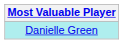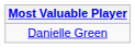 <table class=wikitable style="text-align:center; margin:auto">
 <tr>
 <th><a href='#'>Most Valuable Player</a></th>
 </tr>
 <tr>
-<td style="background: paleturquoise;"> <a href='#'>Danielle Green</a></td>
+<td> <a href='#'>Danielle Green</a></td>
 </tr>
 </table>
